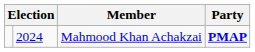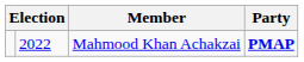 <table class="wikitable">
 <tr>
 <th colspan="2">Election</th>
 <th>Member</th>
 <th>Party</th>
 </tr>
 <tr>
 <td></td>
-<td><a href='#'>2024</a></td>
+<td><a href='#'>2022</a></td>
 <td><a href='#'>Mahmood Khan Achakzai</a></td>
 <td><strong><a href='#'>PMAP</a></strong></td>
 </tr>
 </table>
